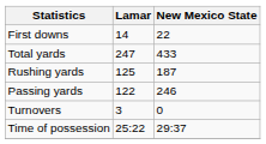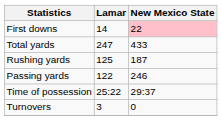 <table class="wikitable" style="float: left;">
 <tr>
 <th>Statistics</th>
 <th><strong>Lamar</strong></th>
 <th><strong>New Mexico State</strong></th>
 </tr>
 <tr>
 <td>First downs</td>
 <td>14</td>
-<td>22</td>
+<td style="background: pink;">22</td>
 </tr>
 <tr>
 <td>Total yards</td>
 <td>247</td>
 <td>433</td>
 </tr>
 <tr>
 <td>Rushing yards</td>
 <td>125</td>
 <td>187</td>
 </tr>
 <tr>
 <td>Passing yards</td>
 <td>122</td>
 <td>246</td>
 </tr>
 <tr>
+<td>Time of possession</td>
+<td>25:22</td>
+<td>29:37</td>
+</tr>
+<tr>
 <td>Turnovers</td>
 <td>3</td>
 <td>0</td>
 </tr>
 <tr>
-<td>Time of possession</td>
-<td>25:22</td>
-<td>29:37</td>
-</tr>
-<tr>
 </tr>
 </table>
